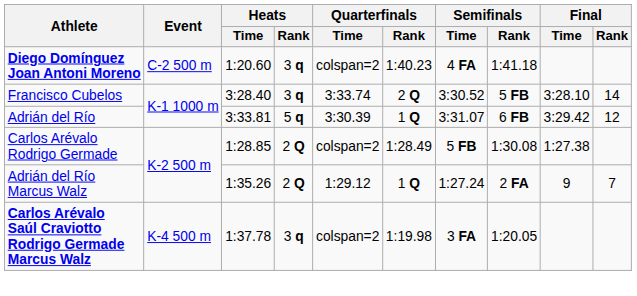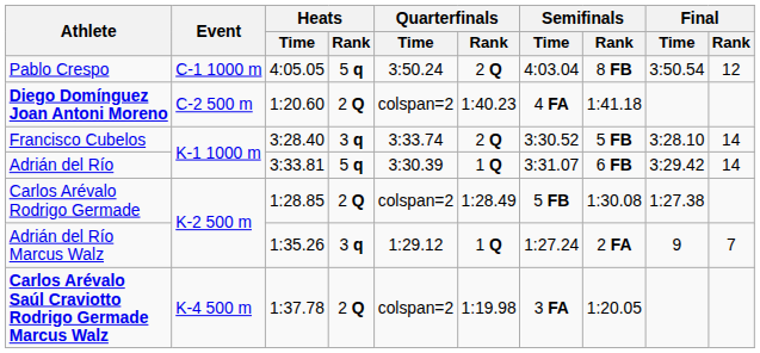 <table class=wikitable style="font-size:90%">
 <tr>
 <th rowspan="2">Athlete</th>
 <th rowspan="2">Event</th>
 <th colspan=2>Heats</th>
 <th colspan=2>Quarterfinals</th>
 <th colspan=2>Semifinals</th>
 <th colspan=2>Final</th>
 </tr>
 <tr style="font-size:95%">
 <th>Time</th>
 <th>Rank</th>
 <th>Time</th>
 <th>Rank</th>
 <th>Time</th>
 <th>Rank</th>
 <th>Time</th>
 <th>Rank</th>
 </tr>
 <tr align=center>
+<td align=left><a href='#'>Pablo Crespo</a></td>
+<td align=left><a href='#'>C-1 1000 m</a></td>
+<td>4:05.05</td>
+<td>5 <strong>q</strong></td>
+<td>3:50.24</td>
+<td>2 <strong>Q</strong></td>
+<td>4:03.04</td>
+<td>8 <strong>FB</strong></td>
+<td>3:50.54</td>
+<td>12</td>
+</tr>
+<tr align=center>
 <td align=left><strong><a href='#'>Diego Domínguez</a><br><a href='#'>Joan Antoni Moreno</a></strong></td>
 <td align=left><a href='#'>C-2 500 m</a></td>
 <td>1:20.60</td>
-<td>3 <strong>q</strong></td>
+<td>2 <strong>Q</strong></td>
 <td>colspan=2 </td>
 <td>1:40.23</td>
 <td>4 <strong>FA</strong></td>
 <td>1:41.18</td>
 <td></td>
 </tr>
 <tr align=center>
 <td align=left><a href='#'>Francisco Cubelos</a></td>
 <td align=left rowspan=2><a href='#'>K-1 1000 m</a></td>
 <td>3:28.40</td>
 <td>3 <strong>q</strong></td>
 <td>3:33.74</td>
 <td>2 <strong>Q</strong></td>
 <td>3:30.52</td>
 <td>5 <strong>FB</strong></td>
 <td>3:28.10</td>
 <td>14</td>
 </tr>
 <tr align=center>
 <td align=left><a href='#'>Adrián del Río</a></td>
 <td>3:33.81</td>
 <td>5 <strong>q</strong></td>
 <td>3:30.39</td>
 <td>1 <strong>Q</strong></td>
 <td>3:31.07</td>
 <td>6 <strong>FB</strong></td>
 <td>3:29.42</td>
-<td>12</td>
+<td>14</td>
 </tr>
 <tr align=center>
 <td align=left><a href='#'>Carlos Arévalo</a><br><a href='#'>Rodrigo Germade</a></td>
 <td align=left rowspan=2><a href='#'>K-2 500 m</a></td>
 <td>1:28.85</td>
 <td>2 <strong>Q</strong></td>
 <td>colspan=2 </td>
 <td>1:28.49</td>
 <td>5 <strong>FB</strong></td>
 <td>1:30.08</td>
 <td>1:27.38</td>
 </tr>
 <tr align=center>
 <td align=left><a href='#'>Adrián del Río</a><br><a href='#'>Marcus Walz</a></td>
 <td>1:35.26</td>
-<td>2 <strong>Q</strong></td>
+<td>3 <strong>q</strong></td>
 <td>1:29.12</td>
 <td>1 <strong>Q</strong></td>
 <td>1:27.24</td>
 <td>2 <strong>FA</strong></td>
 <td>9</td>
 <td>7</td>
 </tr>
 <tr align=center>
 <td align=left><strong><a href='#'>Carlos Arévalo</a><br><a href='#'>Saúl Craviotto</a><br><a href='#'>Rodrigo Germade</a><br><a href='#'>Marcus Walz</a></strong></td>
 <td align=left><a href='#'>K-4 500 m</a></td>
 <td>1:37.78</td>
-<td>3 <strong>q</strong></td>
+<td>2 <strong>Q</strong></td>
 <td>colspan=2 </td>
 <td>1:19.98</td>
 <td>3 <strong>FA</strong></td>
 <td>1:20.05</td>
 <td></td>
 </tr>
 </table>
